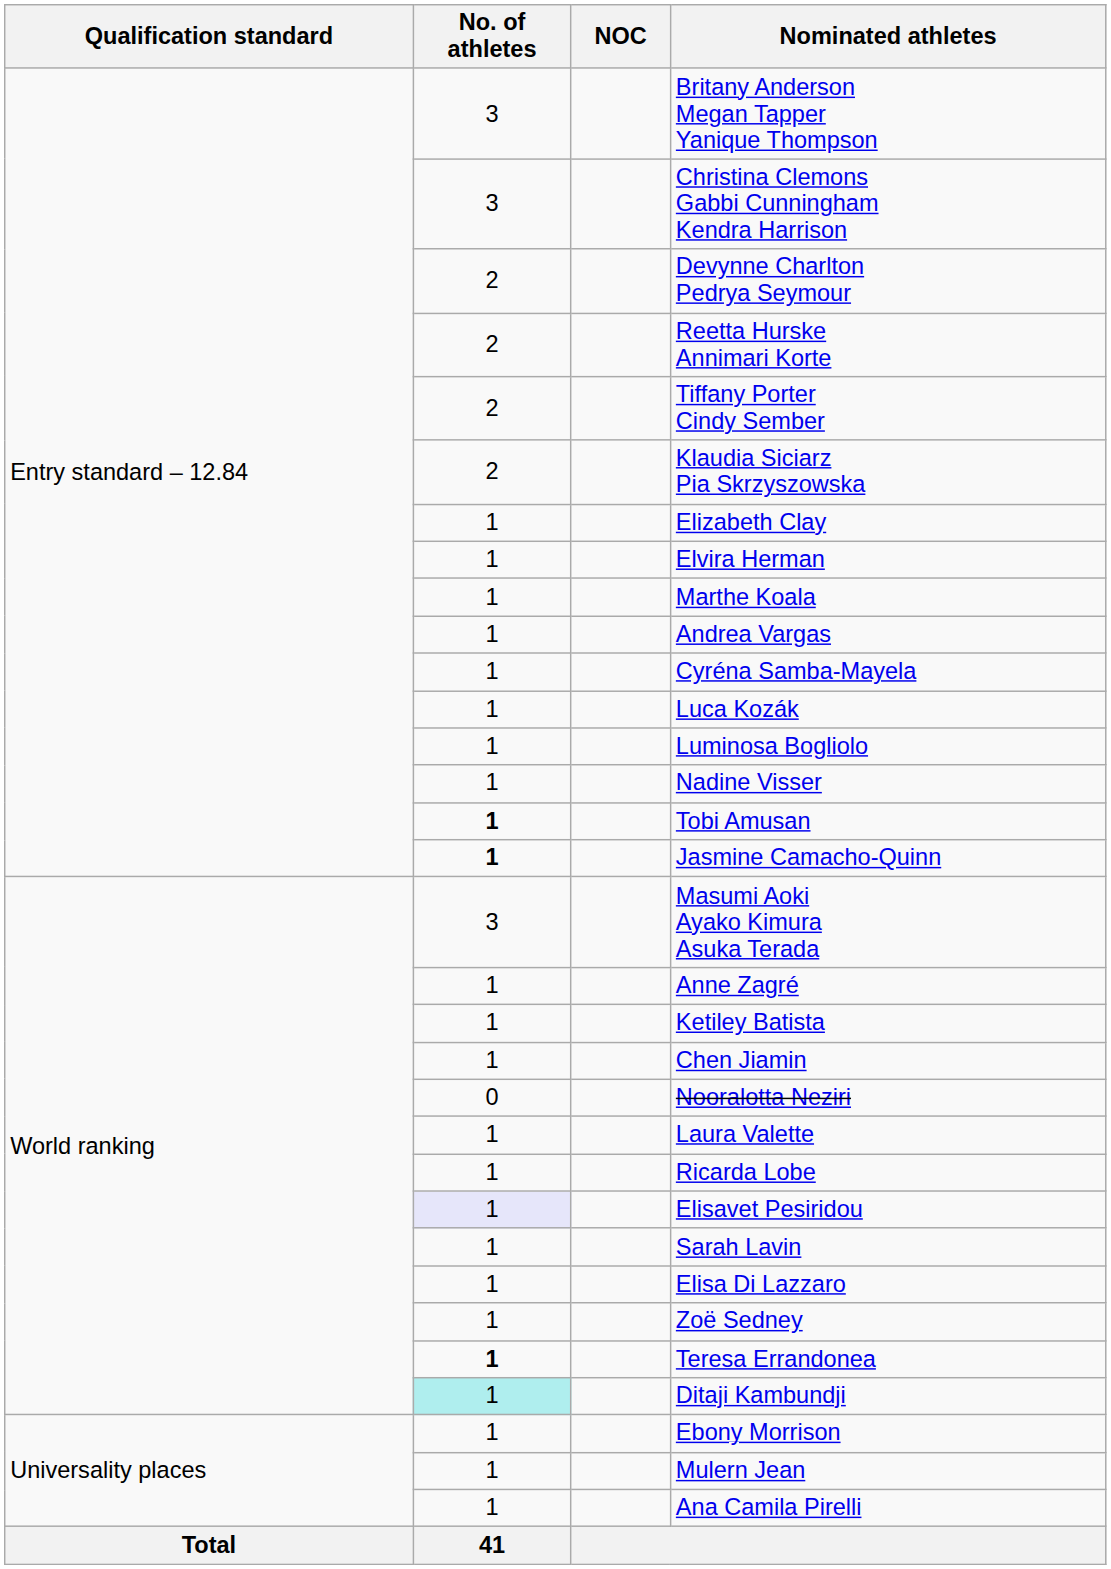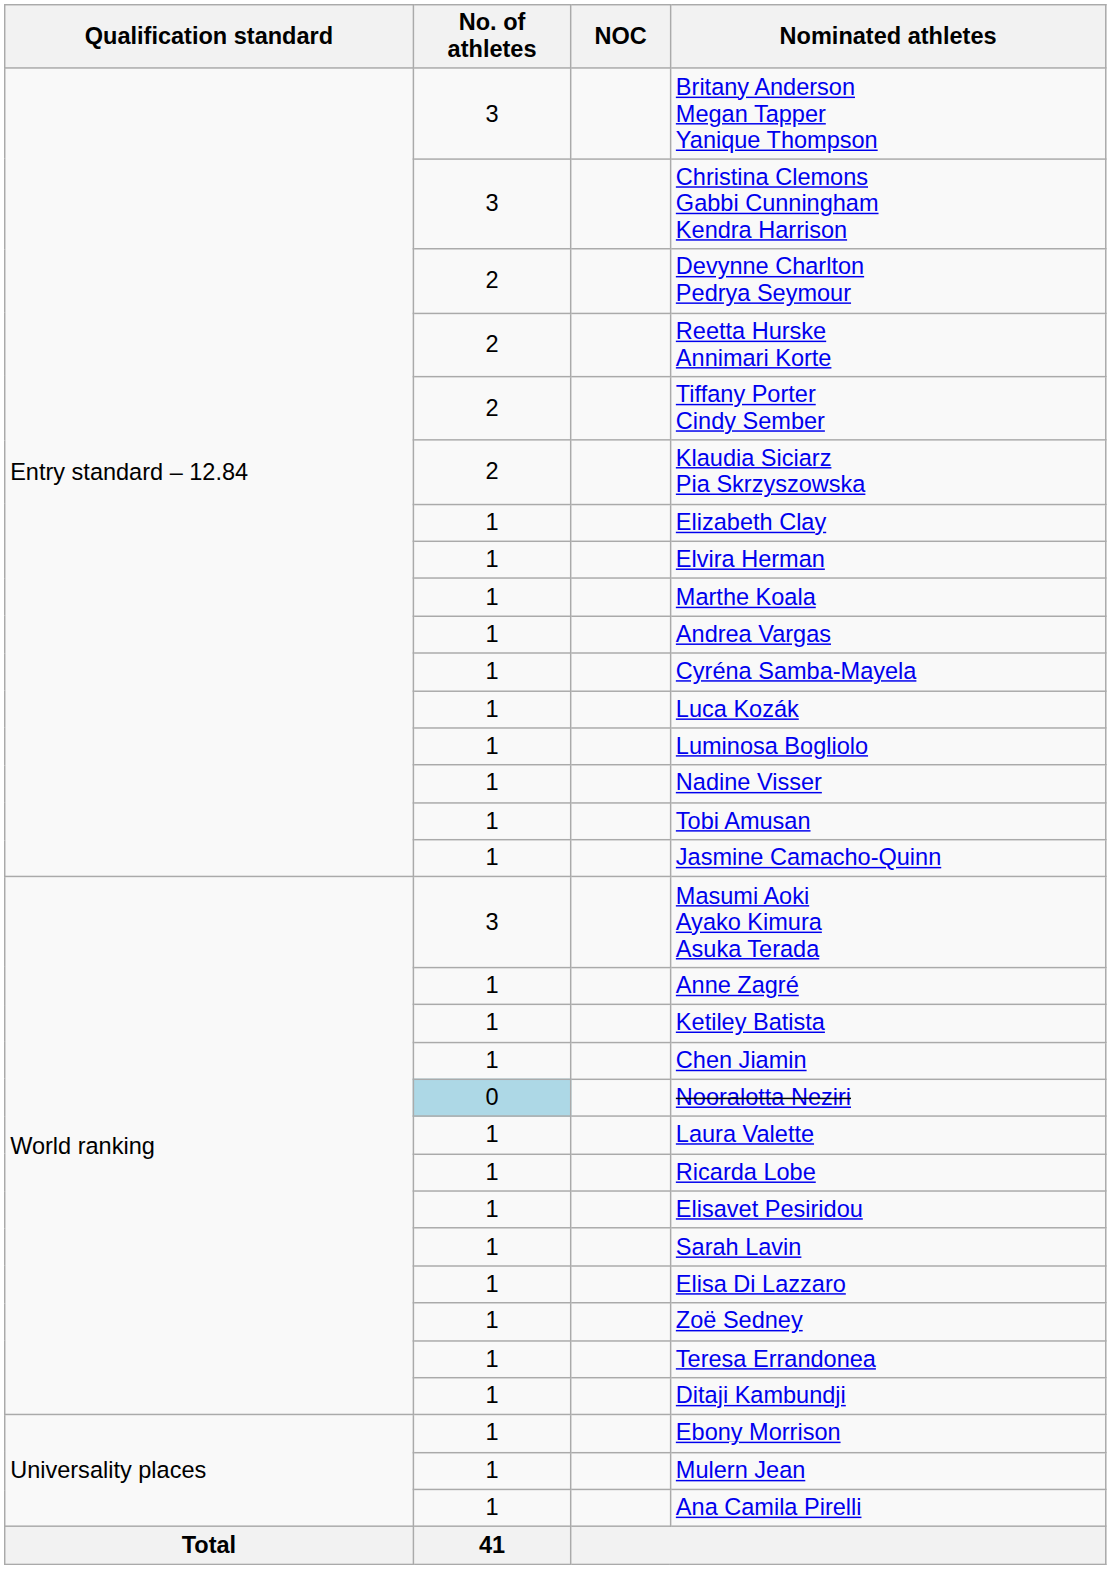 <table class="wikitable" style="text-align:left; width:750px;">
 <tr>
 <th>Qualification standard</th>
 <th width=100>No. of athletes</th>
 <th>NOC</th>
 <th>Nominated athletes</th>
 </tr>
 <tr>
 <td rowspan=16>Entry standard – 12.84</td>
 <td align=center>3</td>
 <td></td>
 <td><a href='#'>Britany Anderson</a><br><a href='#'>Megan Tapper</a><br><a href='#'>Yanique Thompson</a></td>
 </tr>
 <tr>
 <td align=center>3</td>
 <td></td>
 <td><a href='#'>Christina Clemons</a><br><a href='#'>Gabbi Cunningham</a><br><a href='#'>Kendra Harrison</a></td>
 </tr>
 <tr>
 <td align=center>2</td>
 <td></td>
 <td><a href='#'>Devynne Charlton</a><br><a href='#'>Pedrya Seymour</a></td>
 </tr>
 <tr>
 <td align=center>2</td>
 <td></td>
 <td><a href='#'>Reetta Hurske</a><br><a href='#'>Annimari Korte</a></td>
 </tr>
 <tr>
 <td align=center>2</td>
 <td></td>
 <td><a href='#'>Tiffany Porter</a><br><a href='#'>Cindy Sember</a></td>
 </tr>
 <tr>
 <td align=center>2</td>
 <td></td>
 <td><a href='#'>Klaudia Siciarz</a><br><a href='#'>Pia Skrzyszowska</a></td>
 </tr>
 <tr>
 <td align=center>1</td>
 <td></td>
 <td><a href='#'>Elizabeth Clay</a></td>
 </tr>
 <tr>
 <td align=center>1</td>
 <td></td>
 <td><a href='#'>Elvira Herman</a></td>
 </tr>
 <tr>
 <td align=center>1</td>
 <td></td>
 <td><a href='#'>Marthe Koala</a></td>
 </tr>
 <tr>
 <td align=center>1</td>
 <td></td>
 <td><a href='#'>Andrea Vargas</a></td>
 </tr>
 <tr>
 <td align=center>1</td>
 <td></td>
 <td><a href='#'>Cyréna Samba-Mayela</a></td>
 </tr>
 <tr>
 <td align=center>1</td>
 <td></td>
 <td><a href='#'>Luca Kozák</a></td>
 </tr>
 <tr>
 <td align=center>1</td>
 <td></td>
 <td><a href='#'>Luminosa Bogliolo</a></td>
 </tr>
 <tr>
 <td align=center>1</td>
 <td></td>
 <td><a href='#'>Nadine Visser</a></td>
 </tr>
 <tr>
-<td align=center><strong>1</strong></td>
+<td align=center>1</td>
 <td></td>
 <td><a href='#'>Tobi Amusan</a></td>
 </tr>
 <tr>
-<td align=center><strong>1</strong></td>
+<td align=center>1</td>
 <td></td>
 <td><a href='#'>Jasmine Camacho-Quinn</a></td>
 </tr>
 <tr>
 <td rowspan=13>World ranking</td>
 <td align=center>3</td>
 <td></td>
 <td><a href='#'>Masumi Aoki</a><br><a href='#'>Ayako Kimura</a><br><a href='#'>Asuka Terada</a></td>
 </tr>
 <tr>
 <td align=center>1</td>
 <td></td>
 <td><a href='#'>Anne Zagré</a></td>
 </tr>
 <tr>
 <td align=center>1</td>
 <td></td>
 <td><a href='#'>Ketiley Batista</a></td>
 </tr>
 <tr>
 <td align=center>1</td>
 <td></td>
 <td><a href='#'>Chen Jiamin</a></td>
 </tr>
 <tr>
-<td align=center>0</td>
+<td align=center style="background: lightblue;">0</td>
 <td></td>
 <td><s><a href='#'>Nooralotta Neziri</a></s></td>
 </tr>
 <tr>
 <td align=center>1</td>
 <td></td>
 <td><a href='#'>Laura Valette</a></td>
 </tr>
 <tr>
 <td align=center>1</td>
 <td></td>
 <td><a href='#'>Ricarda Lobe</a></td>
 </tr>
 <tr>
-<td align=center style="background: lavender;">1</td>
+<td align=center>1</td>
 <td></td>
 <td><a href='#'>Elisavet Pesiridou</a></td>
 </tr>
 <tr>
 <td align=center>1</td>
 <td></td>
 <td><a href='#'>Sarah Lavin</a></td>
 </tr>
 <tr>
 <td align=center>1</td>
 <td></td>
 <td><a href='#'>Elisa Di Lazzaro</a></td>
 </tr>
 <tr>
 <td align=center>1</td>
 <td></td>
 <td><a href='#'>Zoë Sedney</a></td>
 </tr>
 <tr>
-<td align=center><strong>1</strong></td>
+<td align=center>1</td>
 <td></td>
 <td><a href='#'>Teresa Errandonea</a></td>
 </tr>
 <tr>
-<td align=center style="background: paleturquoise;">1</td>
+<td align=center>1</td>
 <td></td>
 <td><a href='#'>Ditaji Kambundji</a></td>
 </tr>
 <tr>
 <td rowspan=3>Universality places</td>
 <td align=center>1</td>
 <td></td>
 <td><a href='#'>Ebony Morrison</a></td>
 </tr>
 <tr>
 <td align=center>1</td>
 <td></td>
 <td><a href='#'>Mulern Jean</a></td>
 </tr>
 <tr>
 <td align=center>1</td>
 <td></td>
 <td><a href='#'>Ana Camila Pirelli</a></td>
 </tr>
 <tr>
 <th>Total</th>
 <th>41</th>
 <th colspan=2></th>
 </tr>
 </table>
